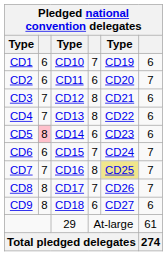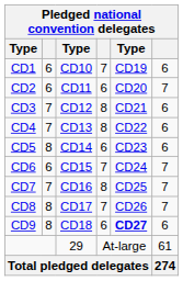 <table class="wikitable sortable" style="font-size:90%;text-align:center;float:none;padding:5px;">
 <tr>
 <th colspan="8">Pledged <a href='#'>national<br>convention</a> delegates</th>
 </tr>
 <tr>
 <th>Type</th>
 <th></th>
 <th>Type</th>
 <th></th>
 <th>Type</th>
 <th></th>
 </tr>
 <tr>
 <td><a href='#'>CD1</a></td>
 <td>6</td>
 <td><a href='#'>CD10</a></td>
 <td>7</td>
 <td><a href='#'>CD19</a></td>
 <td>6</td>
 </tr>
 <tr>
 <td><a href='#'>CD2</a></td>
 <td>6</td>
 <td><a href='#'>CD11</a></td>
 <td>6</td>
 <td><a href='#'>CD20</a></td>
 <td>7</td>
 </tr>
 <tr>
 <td><a href='#'>CD3</a></td>
 <td>7</td>
 <td><a href='#'>CD12</a></td>
 <td>8</td>
 <td><a href='#'>CD21</a></td>
 <td>6</td>
 </tr>
 <tr>
 <td><a href='#'>CD4</a></td>
 <td>7</td>
 <td><a href='#'>CD13</a></td>
 <td>8</td>
 <td><a href='#'>CD22</a></td>
 <td>6</td>
 </tr>
 <tr>
 <td><a href='#'>CD5</a></td>
-<td style="background: pink;">8</td>
+<td>8</td>
 <td><a href='#'>CD14</a></td>
 <td>6</td>
 <td><a href='#'>CD23</a></td>
 <td>6</td>
 </tr>
 <tr>
 <td><a href='#'>CD6</a></td>
 <td>6</td>
 <td><a href='#'>CD15</a></td>
 <td>7</td>
 <td><a href='#'>CD24</a></td>
 <td>7</td>
 </tr>
 <tr>
 <td><a href='#'>CD7</a></td>
 <td>7</td>
 <td><a href='#'>CD16</a></td>
 <td>8</td>
-<td style="background: khaki;"><a href='#'>CD25</a></td>
+<td><a href='#'>CD25</a></td>
 <td>7</td>
 </tr>
 <tr>
 <td><a href='#'>CD8</a></td>
 <td>8</td>
 <td><a href='#'>CD17</a></td>
 <td>7</td>
 <td><a href='#'>CD26</a></td>
 <td>7</td>
 </tr>
 <tr>
 <td><a href='#'>CD9</a></td>
 <td>8</td>
 <td><a href='#'>CD18</a></td>
 <td>6</td>
-<td><a href='#'>CD27</a></td>
+<td><strong><a href='#'>CD27</a></strong></td>
 <td>6</td>
 </tr>
 <tr>
 <td colspan="2"></td>
 <td>29</td>
 <td colspan="2">At-large</td>
 <td>61</td>
 </tr>
 <tr>
 <th colspan="5">Total pledged delegates</th>
 <th>274</th>
 </tr>
 </table>
